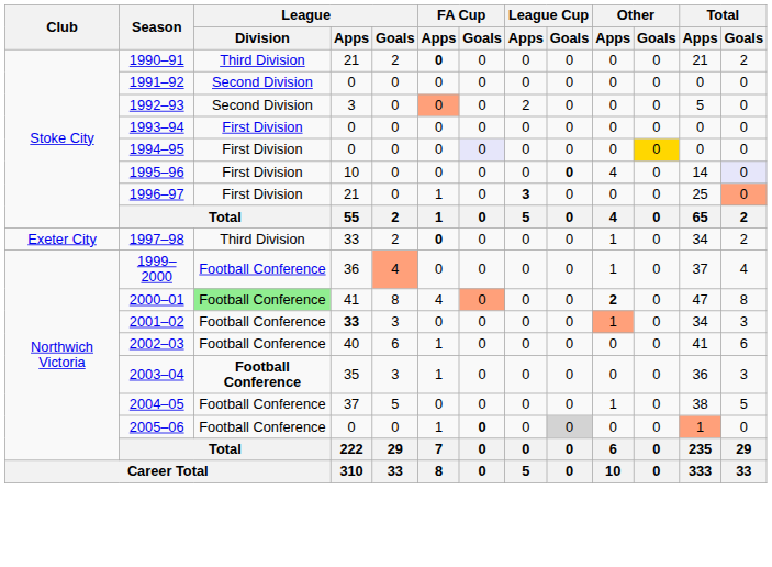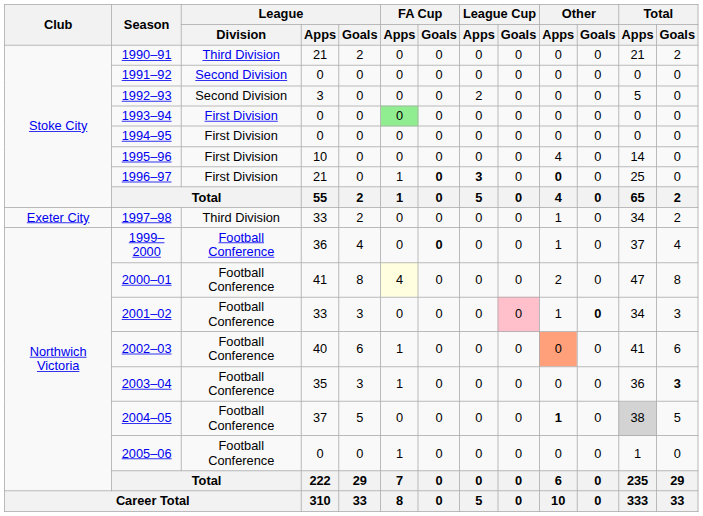 <table class="wikitable" style="text-align: center;">
 <tr>
 <th rowspan="2">Club</th>
 <th rowspan="2">Season</th>
 <th colspan="3">League</th>
 <th colspan="2">FA Cup</th>
 <th colspan="2">League Cup</th>
 <th colspan="2">Other</th>
 <th colspan="2">Total</th>
 </tr>
 <tr>
 <th>Division</th>
 <th>Apps</th>
 <th>Goals</th>
 <th>Apps</th>
 <th>Goals</th>
 <th>Apps</th>
 <th>Goals</th>
 <th>Apps</th>
 <th>Goals</th>
 <th>Apps</th>
 <th>Goals</th>
 </tr>
 <tr>
 <td rowspan="8"><a href='#'>Stoke City</a></td>
 <td><a href='#'>1990–91</a></td>
 <td><a href='#'>Third Division</a></td>
 <td>21</td>
 <td>2</td>
-<td><strong>0</strong></td>
+<td>0</td>
 <td>0</td>
 <td>0</td>
 <td>0</td>
 <td>0</td>
 <td>0</td>
 <td>21</td>
 <td>2</td>
 </tr>
 <tr>
 <td><a href='#'>1991–92</a></td>
 <td><a href='#'>Second Division</a></td>
 <td>0</td>
 <td>0</td>
 <td>0</td>
 <td>0</td>
 <td>0</td>
 <td>0</td>
 <td>0</td>
 <td>0</td>
 <td>0</td>
 <td>0</td>
 </tr>
 <tr>
 <td><a href='#'>1992–93</a></td>
 <td>Second Division</td>
 <td>3</td>
 <td>0</td>
-<td style="background: lightsalmon;">0</td>
+<td>0</td>
 <td>0</td>
 <td>2</td>
 <td>0</td>
 <td>0</td>
 <td>0</td>
 <td>5</td>
 <td>0</td>
 </tr>
 <tr>
 <td><a href='#'>1993–94</a></td>
 <td><a href='#'>First Division</a></td>
 <td>0</td>
 <td>0</td>
-<td>0</td>
+<td style="background: lightgreen;">0</td>
 <td>0</td>
 <td>0</td>
 <td>0</td>
 <td>0</td>
 <td>0</td>
 <td>0</td>
 <td>0</td>
 </tr>
 <tr>
 <td><a href='#'>1994–95</a></td>
 <td>First Division</td>
 <td>0</td>
 <td>0</td>
 <td>0</td>
-<td style="background: lavender;">0</td>
 <td>0</td>
 <td>0</td>
 <td>0</td>
-<td style="background: gold;">0</td>
+<td>0</td>
+<td>0</td>
 <td>0</td>
 <td>0</td>
 </tr>
 <tr>
 <td><a href='#'>1995–96</a></td>
 <td>First Division</td>
 <td>10</td>
 <td>0</td>
 <td>0</td>
 <td>0</td>
 <td>0</td>
-<td><strong>0</strong></td>
+<td>0</td>
 <td>4</td>
 <td>0</td>
 <td>14</td>
-<td style="background: lavender;">0</td>
+<td>0</td>
 </tr>
 <tr>
 <td><a href='#'>1996–97</a></td>
 <td>First Division</td>
 <td>21</td>
 <td>0</td>
 <td>1</td>
-<td>0</td>
+<td><strong>0</strong></td>
 <td><strong>3</strong></td>
 <td>0</td>
-<td>0</td>
+<td><strong>0</strong></td>
 <td>0</td>
 <td>25</td>
-<td style="background: lightsalmon;">0</td>
+<td>0</td>
 </tr>
 <tr>
 <th colspan=2>Total</th>
 <th>55</th>
 <th>2</th>
 <th>1</th>
 <th>0</th>
 <th>5</th>
 <th>0</th>
 <th>4</th>
 <th>0</th>
 <th>65</th>
 <th>2</th>
 </tr>
 <tr>
 <td><a href='#'>Exeter City</a></td>
 <td><a href='#'>1997–98</a></td>
 <td>Third Division</td>
 <td>33</td>
 <td>2</td>
-<td><strong>0</strong></td>
+<td>0</td>
 <td>0</td>
 <td>0</td>
 <td>0</td>
 <td>1</td>
 <td>0</td>
 <td>34</td>
 <td>2</td>
 </tr>
 <tr>
 <td rowspan=8><a href='#'>Northwich Victoria</a></td>
 <td><a href='#'>1999–2000</a></td>
 <td><a href='#'>Football Conference</a></td>
 <td>36</td>
-<td style="background: lightsalmon;">4</td>
+<td>4</td>
 <td>0</td>
-<td>0</td>
+<td><strong>0</strong></td>
 <td>0</td>
 <td>0</td>
 <td>1</td>
 <td>0</td>
 <td>37</td>
 <td>4</td>
 </tr>
 <tr>
 <td><a href='#'>2000–01</a></td>
-<td style="background: lightgreen;">Football Conference</td>
+<td>Football Conference</td>
 <td>41</td>
 <td>8</td>
-<td>4</td>
-<td style="background: lightsalmon;">0</td>
+<td style="background: lightyellow;">4</td>
 <td>0</td>
 <td>0</td>
-<td><strong>2</strong></td>
+<td>0</td>
+<td>2</td>
 <td>0</td>
 <td>47</td>
 <td>8</td>
 </tr>
 <tr>
 <td><a href='#'>2001–02</a></td>
 <td>Football Conference</td>
-<td><strong>33</strong></td>
+<td>33</td>
 <td>3</td>
 <td>0</td>
 <td>0</td>
 <td>0</td>
-<td>0</td>
-<td style="background: lightsalmon;">1</td>
-<td>0</td>
+<td style="background: pink;">0</td>
+<td>1</td>
+<td><strong>0</strong></td>
 <td>34</td>
 <td>3</td>
 </tr>
 <tr>
 <td><a href='#'>2002–03</a></td>
 <td>Football Conference</td>
 <td>40</td>
 <td>6</td>
 <td>1</td>
 <td>0</td>
 <td>0</td>
 <td>0</td>
-<td>0</td>
+<td style="background: lightsalmon;">0</td>
 <td>0</td>
 <td>41</td>
 <td>6</td>
 </tr>
 <tr>
 <td><a href='#'>2003–04</a></td>
-<td><strong>Football Conference</strong></td>
+<td>Football Conference</td>
 <td>35</td>
 <td>3</td>
 <td>1</td>
 <td>0</td>
 <td>0</td>
 <td>0</td>
 <td>0</td>
 <td>0</td>
 <td>36</td>
-<td>3</td>
+<td><strong>3</strong></td>
 </tr>
 <tr>
 <td><a href='#'>2004–05</a></td>
 <td>Football Conference</td>
 <td>37</td>
 <td>5</td>
 <td>0</td>
 <td>0</td>
 <td>0</td>
 <td>0</td>
-<td>1</td>
+<td><strong>1</strong></td>
 <td>0</td>
-<td>38</td>
+<td style="background: lightgrey;">38</td>
 <td>5</td>
 </tr>
 <tr>
 <td><a href='#'>2005–06</a></td>
 <td>Football Conference</td>
 <td>0</td>
 <td>0</td>
 <td>1</td>
-<td><strong>0</strong></td>
-<td>0</td>
-<td style="background: lightgrey;">0</td>
 <td>0</td>
 <td>0</td>
-<td style="background: lightsalmon;">1</td>
+<td>0</td>
+<td>0</td>
+<td>0</td>
+<td>1</td>
 <td>0</td>
 </tr>
 <tr>
 <th colspan=2>Total</th>
 <th>222</th>
 <th>29</th>
 <th>7</th>
 <th>0</th>
 <th>0</th>
 <th>0</th>
 <th>6</th>
 <th>0</th>
 <th>235</th>
 <th>29</th>
 </tr>
 <tr>
 <th colspan="3">Career Total</th>
 <th>310</th>
 <th>33</th>
 <th>8</th>
 <th>0</th>
 <th>5</th>
 <th>0</th>
 <th>10</th>
 <th>0</th>
 <th>333</th>
 <th>33</th>
 </tr>
 </table>
